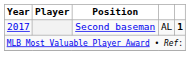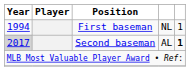 <table class="wikitable sortable plainrowheaders" style="font-size: 95%; text-align:center">
 <tr>
 <th scope="col" style="background-color:#ffffff; border-top:#">Year</th>
 <th scope="col" style="background-color:#ffffff; border-top:#">Player</th>
 <th scope="col" style="background-color:#ffffff; border-top:#">Position</th>
 <th scope="col" style="background-color:#ffffff; border-top:#"></th>
 <th scope="col" style="background-color:#ffffff; border-top:#"></th>
 </tr>
 <tr>
-<td><a href='#'>2017</a></td>
+<td><a href='#'>1994</a></td>
+<th scope="row" style="text-align:center"></th>
+<td><a href='#'>First baseman</a></td>
+<td>NL</td>
+<td>1</td>
+</tr>
+<tr>
+<td style="background: lightgrey;"><a href='#'>2017</a></td>
 <th scope="row" style="text-align:center"></th>
 <td><a href='#'>Second baseman</a></td>
 <td>AL</td>
 <td><strong>1</strong></td>
 </tr>
 <tr class="sortbottom">
 <td style="text-align:right"; colspan="5"><small><a href='#'>MLB Most Valuable Player Award</a> • <em>Ref</em>:</small></td>
 </tr>
 <tr>
 </tr>
 </table>
